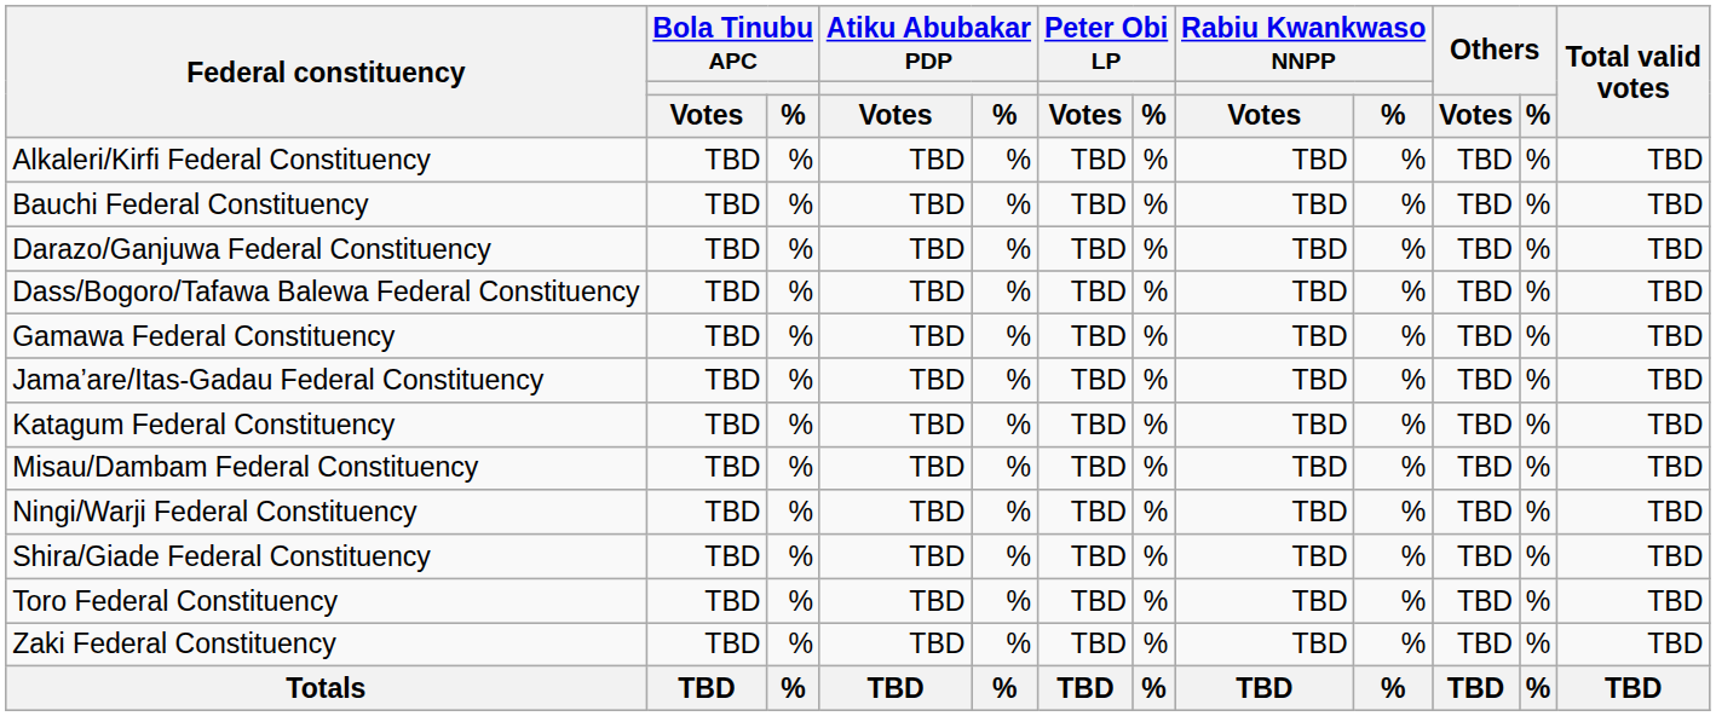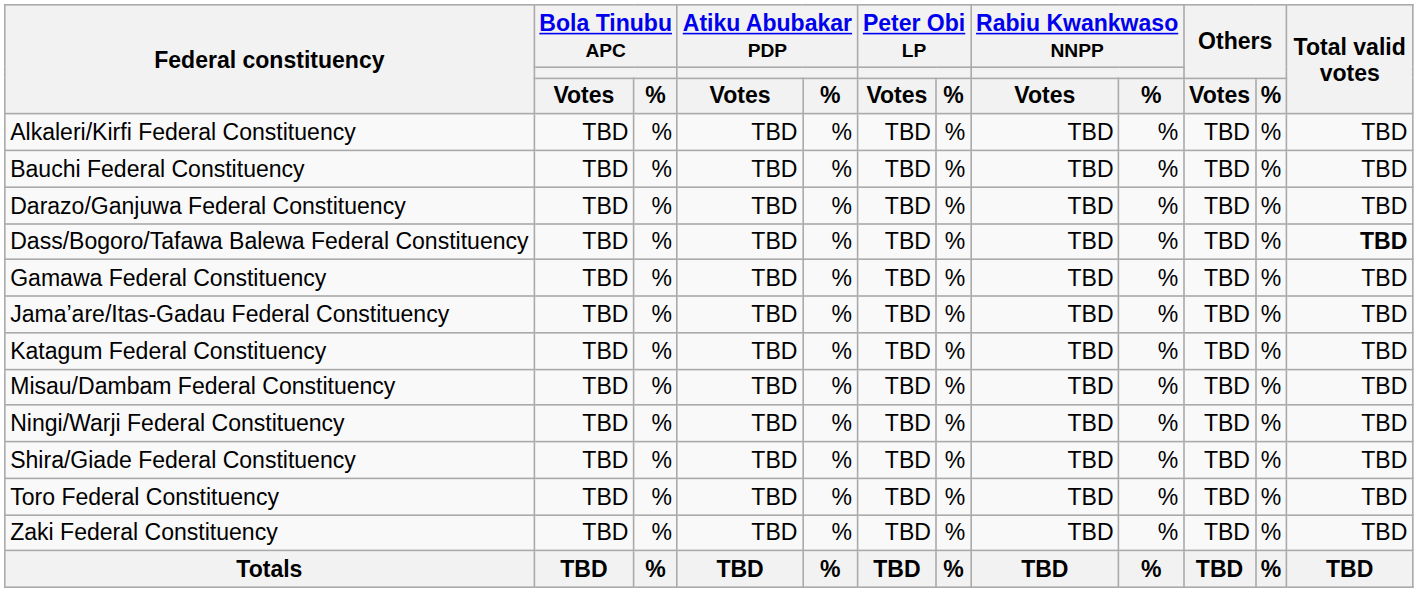 <table class="wikitable sortable" style="text-align:right; font-size:90%">
 <tr>
 <th rowspan="3" style="max-width:7.5em;">Federal constituency</th>
 <th colspan="2"><a href='#'>Bola Tinubu</a><br><small>APC</small></th>
 <th colspan="2"><a href='#'>Atiku Abubakar</a><br><small>PDP</small></th>
 <th colspan="2"><a href='#'>Peter Obi</a><br><small>LP</small></th>
 <th colspan="2"><a href='#'>Rabiu Kwankwaso</a><br><small>NNPP</small></th>
 <th colspan="2" rowspan="2">Others</th>
 <th rowspan="3" style="max-width:5em;">Total valid votes</th>
 </tr>
 <tr>
 <th colspan=2 style="background-color:"></th>
 <th colspan=2 style="background-color:"></th>
 <th colspan=2 style="background-color:"></th>
 <th colspan=2 style="background-color:"></th>
 </tr>
 <tr>
 <th>Votes</th>
 <th>%</th>
 <th>Votes</th>
 <th>%</th>
 <th>Votes</th>
 <th>%</th>
 <th>Votes</th>
 <th>%</th>
 <th>Votes</th>
 <th>%</th>
 </tr>
 <tr style="background-color:#">
 <td style="text-align:left;">Alkaleri/Kirfi Federal Constituency</td>
 <td>TBD</td>
 <td>%</td>
 <td>TBD</td>
 <td>%</td>
 <td>TBD</td>
 <td>%</td>
 <td>TBD</td>
 <td>%</td>
 <td>TBD</td>
 <td>%</td>
 <td>TBD</td>
 </tr>
 <tr style="background-color:#">
 <td style="text-align:left;">Bauchi Federal Constituency</td>
 <td>TBD</td>
 <td>%</td>
 <td>TBD</td>
 <td>%</td>
 <td>TBD</td>
 <td>%</td>
 <td>TBD</td>
 <td>%</td>
 <td>TBD</td>
 <td>%</td>
 <td>TBD</td>
 </tr>
 <tr style="background-color:#">
 <td style="text-align:left;">Darazo/Ganjuwa Federal Constituency</td>
 <td>TBD</td>
 <td>%</td>
 <td>TBD</td>
 <td>%</td>
 <td>TBD</td>
 <td>%</td>
 <td>TBD</td>
 <td>%</td>
 <td>TBD</td>
 <td>%</td>
 <td>TBD</td>
 </tr>
 <tr style="background-color:#">
 <td style="text-align:left;">Dass/Bogoro/Tafawa Balewa Federal Constituency</td>
 <td>TBD</td>
 <td>%</td>
 <td>TBD</td>
 <td>%</td>
 <td>TBD</td>
 <td>%</td>
 <td>TBD</td>
 <td>%</td>
 <td>TBD</td>
 <td>%</td>
-<td>TBD</td>
+<td><strong>TBD</strong></td>
 </tr>
 <tr style="background-color:#">
 <td style="text-align:left;">Gamawa Federal Constituency</td>
 <td>TBD</td>
 <td>%</td>
 <td>TBD</td>
 <td>%</td>
 <td>TBD</td>
 <td>%</td>
 <td>TBD</td>
 <td>%</td>
 <td>TBD</td>
 <td>%</td>
 <td>TBD</td>
 </tr>
 <tr style="background-color:#">
 <td style="text-align:left;">Jama’are/Itas-Gadau Federal Constituency</td>
 <td>TBD</td>
 <td>%</td>
 <td>TBD</td>
 <td>%</td>
 <td>TBD</td>
 <td>%</td>
 <td>TBD</td>
 <td>%</td>
 <td>TBD</td>
 <td>%</td>
 <td>TBD</td>
 </tr>
 <tr style="background-color:#">
 <td style="text-align:left;">Katagum Federal Constituency</td>
 <td>TBD</td>
 <td>%</td>
 <td>TBD</td>
 <td>%</td>
 <td>TBD</td>
 <td>%</td>
 <td>TBD</td>
 <td>%</td>
 <td>TBD</td>
 <td>%</td>
 <td>TBD</td>
 </tr>
 <tr style="background-color:#">
 <td style="text-align:left;">Misau/Dambam Federal Constituency</td>
 <td>TBD</td>
 <td>%</td>
 <td>TBD</td>
 <td>%</td>
 <td>TBD</td>
 <td>%</td>
 <td>TBD</td>
 <td>%</td>
 <td>TBD</td>
 <td>%</td>
 <td>TBD</td>
 </tr>
 <tr style="background-color:#">
 <td style="text-align:left;">Ningi/Warji Federal Constituency</td>
 <td>TBD</td>
 <td>%</td>
 <td>TBD</td>
 <td>%</td>
 <td>TBD</td>
 <td>%</td>
 <td>TBD</td>
 <td>%</td>
 <td>TBD</td>
 <td>%</td>
 <td>TBD</td>
 </tr>
 <tr style="background-color:#">
 <td style="text-align:left;">Shira/Giade Federal Constituency</td>
 <td>TBD</td>
 <td>%</td>
 <td>TBD</td>
 <td>%</td>
 <td>TBD</td>
 <td>%</td>
 <td>TBD</td>
 <td>%</td>
 <td>TBD</td>
 <td>%</td>
 <td>TBD</td>
 </tr>
 <tr style="background-color:#">
 <td style="text-align:left;">Toro Federal Constituency</td>
 <td>TBD</td>
 <td>%</td>
 <td>TBD</td>
 <td>%</td>
 <td>TBD</td>
 <td>%</td>
 <td>TBD</td>
 <td>%</td>
 <td>TBD</td>
 <td>%</td>
 <td>TBD</td>
 </tr>
 <tr style="background-color:#">
 <td style="text-align:left;">Zaki Federal Constituency</td>
 <td>TBD</td>
 <td>%</td>
 <td>TBD</td>
 <td>%</td>
 <td>TBD</td>
 <td>%</td>
 <td>TBD</td>
 <td>%</td>
 <td>TBD</td>
 <td>%</td>
 <td>TBD</td>
 </tr>
 <tr>
 <th>Totals</th>
 <th>TBD</th>
 <th>%</th>
 <th>TBD</th>
 <th>%</th>
 <th>TBD</th>
 <th>%</th>
 <th>TBD</th>
 <th>%</th>
 <th>TBD</th>
 <th>%</th>
 <th>TBD</th>
 </tr>
 </table>
